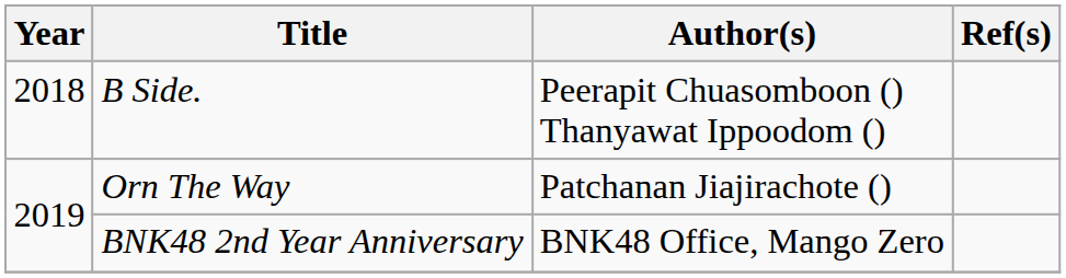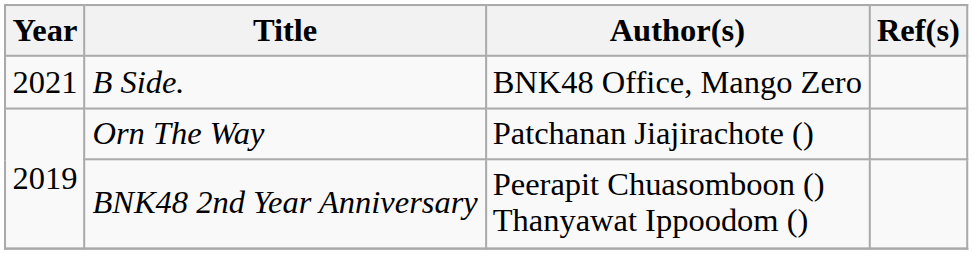 <table class="wikitable" style="text-align:left; ">
 <tr style="vertical-align:top;">
 <th>Year</th>
 <th>Title</th>
 <th>Author(s)</th>
 <th>Ref(s)</th>
 </tr>
 <tr style="vertical-align:top;">
-<td>2018</td>
+<td>2021</td>
 <td><em>B Side.</em></td>
-<td>Peerapit Chuasomboon () <br> Thanyawat Ippoodom ()</td>
+<td>BNK48 Office, Mango Zero</td>
 <td></td>
 </tr>
 <tr>
 <td rowspan="2">2019</td>
 <td><em>Orn The Way</em></td>
 <td>Patchanan Jiajirachote ()</td>
 <td></td>
 </tr>
 <tr>
 <td><em>BNK48 2nd Year Anniversary</em></td>
-<td>BNK48 Office, Mango Zero</td>
+<td>Peerapit Chuasomboon () <br> Thanyawat Ippoodom ()</td>
 <td></td>
 </tr>
 <tr>
 </tr>
 </table>
